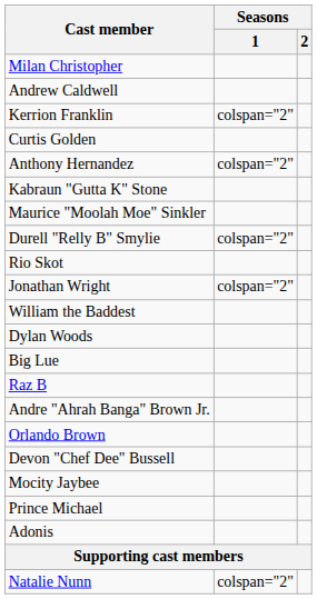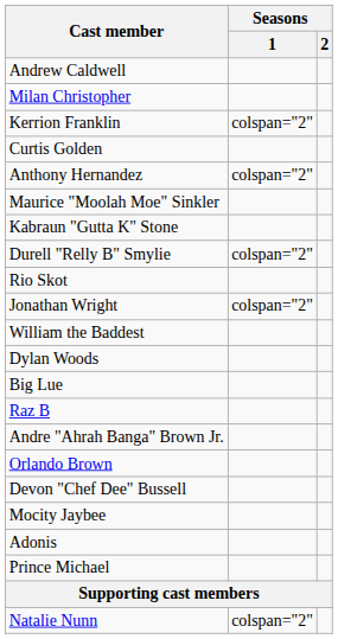 <table class="wikitable plainrowheaders"">
 <tr>
 <th rowspan="2">Cast member</th>
 <th colspan="2">Seasons</th>
 </tr>
 <tr>
 <th>1</th>
 <th>2</th>
 </tr>
 <tr>
-<td><a href='#'>Milan Christopher</a></td>
+<td>Andrew Caldwell</td>
 <td></td>
 <td></td>
 </tr>
 <tr>
-<td>Andrew Caldwell</td>
+<td><a href='#'>Milan Christopher</a></td>
 <td></td>
 <td></td>
 </tr>
 <tr>
 <td>Kerrion Franklin</td>
 <td>colspan="2" </td>
 </tr>
 <tr>
 <td>Curtis Golden</td>
 <td></td>
 <td></td>
 </tr>
 <tr>
 <td>Anthony Hernandez</td>
 <td>colspan="2" </td>
 </tr>
 <tr>
-<td>Kabraun "Gutta K" Stone</td>
+<td>Maurice "Moolah Moe" Sinkler</td>
 <td></td>
 <td></td>
 </tr>
 <tr>
-<td>Maurice "Moolah Moe" Sinkler</td>
+<td>Kabraun "Gutta K" Stone</td>
 <td></td>
 <td></td>
 </tr>
 <tr>
 <td>Durell "Relly B" Smylie</td>
 <td>colspan="2" </td>
 </tr>
 <tr>
 <td>Rio Skot</td>
 <td></td>
 <td></td>
 </tr>
 <tr>
 <td>Jonathan Wright</td>
 <td>colspan="2" </td>
 </tr>
 <tr>
 <td>William the Baddest</td>
 <td></td>
 <td></td>
 </tr>
 <tr>
 <td>Dylan Woods</td>
 <td></td>
 <td></td>
 </tr>
 <tr>
 <td>Big Lue</td>
 <td></td>
 <td></td>
 </tr>
 <tr>
 <td><a href='#'>Raz B</a></td>
 <td></td>
 <td></td>
 </tr>
 <tr>
 <td>Andre "Ahrah Banga" Brown Jr.</td>
 <td></td>
 <td></td>
 </tr>
 <tr>
 <td><a href='#'>Orlando Brown</a></td>
 <td></td>
 <td></td>
 </tr>
 <tr>
 <td>Devon "Chef Dee" Bussell</td>
 <td></td>
 <td></td>
 </tr>
 <tr>
 <td>Mocity Jaybee</td>
 <td></td>
 <td></td>
 </tr>
 <tr>
-<td>Prince Michael</td>
+<td>Adonis</td>
 <td></td>
 <td></td>
 </tr>
 <tr>
-<td>Adonis</td>
+<td>Prince Michael</td>
 <td></td>
 <td></td>
 </tr>
 <tr>
 <th colspan="3">Supporting cast members</th>
 </tr>
 <tr>
 <td><a href='#'>Natalie Nunn</a></td>
 <td>colspan="2" </td>
 </tr>
 </table>
